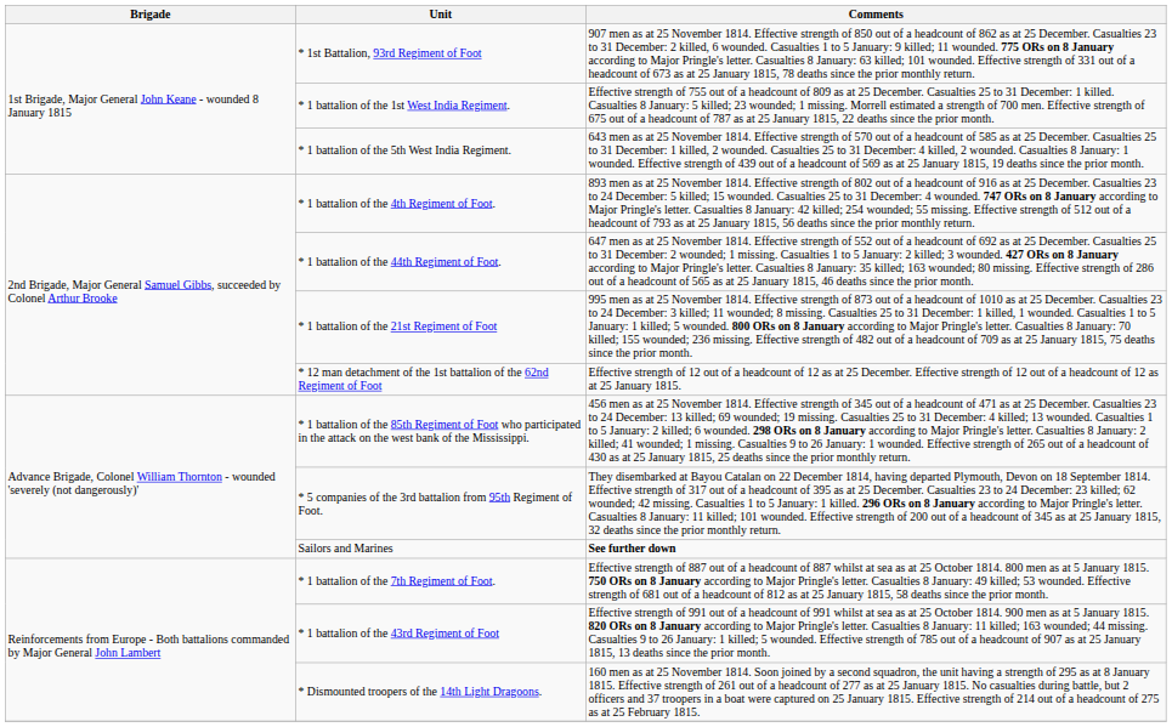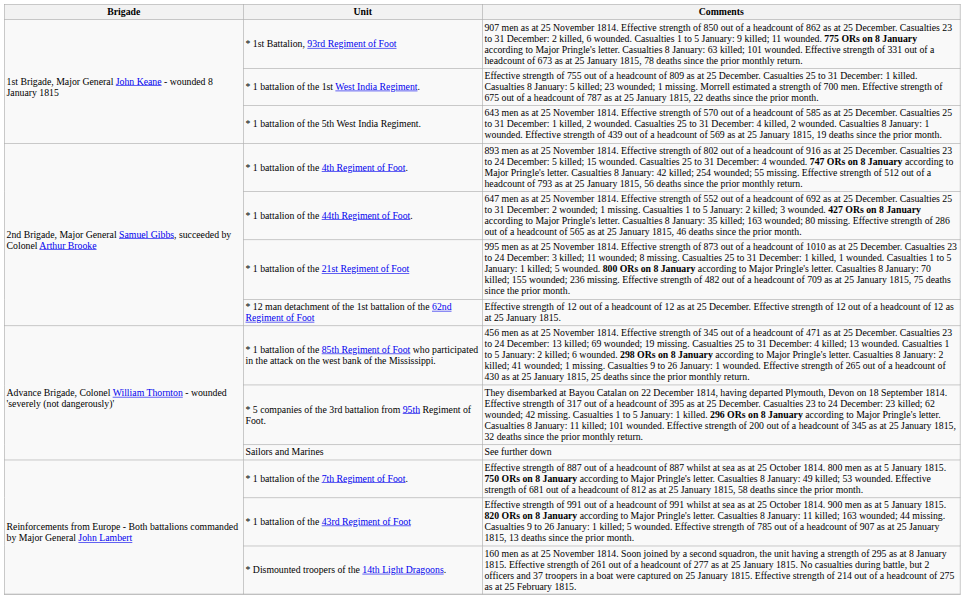 <table class="wikitable">
 <tr>
 <th width=25%>Brigade</th>
 <th width=25%>Unit</th>
 <th>Comments</th>
 </tr>
 <tr>
 <td rowspan=3><br>1st Brigade, Major General <a href='#'>John Keane</a> - wounded 8 January 1815</td>
 <td>* 1st Battalion, <a href='#'>93rd Regiment of Foot</a></td>
 <td>907 men as at 25 November 1814.  Effective strength of 850 out of a headcount of 862 as at 25 December. Casualties 23 to 31 December: 2 killed, 6 wounded. Casualties 1 to 5 January: 9 killed; 11 wounded. <strong>775 ORs on 8 January</strong> according to Major Pringle's letter. Casualties 8 January: 63 killed; 101 wounded. Effective strength of 331 out of a headcount of 673 as at 25 January 1815, 78 deaths since the prior monthly return.</td>
 </tr>
 <tr>
 <td>* 1 battalion of the 1st <a href='#'>West India Regiment</a>.</td>
 <td>Effective strength of 755 out of a headcount of 809 as at 25 December. Casualties 25 to 31 December: 1 killed. Casualties 8 January: 5 killed; 23 wounded; 1 missing. Morrell estimated a strength of 700 men.  Effective strength of 675 out of a headcount of 787 as at 25 January 1815, 22 deaths since the prior month.</td>
 </tr>
 <tr>
 <td>* 1 battalion of the 5th West India Regiment.</td>
 <td>643 men as at 25 November 1814. Effective strength of 570 out of a headcount of 585 as at 25 December. Casualties 25 to 31 December: 1 killed, 2 wounded. Casualties 25 to 31 December: 4 killed, 2 wounded. Casualties 8 January: 1 wounded. Effective strength of 439 out of a headcount of 569 as at 25 January 1815, 19 deaths since the prior month.</td>
 </tr>
 <tr>
 <td rowspan=4><br>2nd Brigade, Major General <a href='#'>Samuel Gibbs</a>, succeeded by Colonel <a href='#'>Arthur Brooke</a></td>
 <td>* 1 battalion of the <a href='#'>4th Regiment of Foot</a>.</td>
 <td>893 men as at 25 November 1814.  Effective strength of 802 out of a headcount of 916 as at 25 December. Casualties 23 to 24 December: 5 killed; 15 wounded. Casualties 25 to 31 December: 4 wounded. <strong>747 ORs on 8 January</strong> according to Major Pringle's letter. Casualties 8 January: 42 killed; 254 wounded; 55 missing. Effective strength of 512 out of a headcount of 793 as at 25 January 1815, 56 deaths since the prior monthly return.</td>
 </tr>
 <tr>
 <td>* 1 battalion of the <a href='#'>44th Regiment of Foot</a>.</td>
 <td>647 men as at 25 November 1814. Effective strength of 552 out of a headcount of 692 as at 25 December. Casualties 25 to 31 December: 2 wounded; 1 missing. Casualties 1 to 5 January: 2 killed; 3  wounded. <strong>427 ORs on 8 January</strong> according to Major Pringle's letter. Casualties 8 January: 35 killed; 163 wounded; 80 missing. Effective strength of 286 out of a headcount of 565 as at 25 January 1815, 46 deaths since the prior month.</td>
 </tr>
 <tr>
 <td>* 1 battalion of the <a href='#'>21st Regiment of Foot</a></td>
 <td>995 men as at 25 November 1814.  Effective strength of 873 out of a headcount of 1010 as at 25 December. Casualties 23 to 24 December: 3 killed; 11 wounded; 8 missing. Casualties 25 to 31 December: 1 killed, 1 wounded. Casualties 1 to 5 January: 1 killed; 5 wounded. <strong>800 ORs on 8 January</strong> according to Major Pringle's letter. Casualties 8 January: 70 killed; 155 wounded; 236 missing. Effective strength of 482 out of a headcount of 709 as at 25 January 1815, 75 deaths since the prior month.</td>
 </tr>
 <tr>
 <td>* 12 man detachment of the 1st battalion of the <a href='#'>62nd Regiment of Foot</a></td>
 <td>Effective strength of 12 out of a headcount of 12 as at 25 December. Effective strength of 12 out of a headcount of 12 as at 25 January 1815.</td>
 </tr>
 <tr>
 <td rowspan=3><br>Advance Brigade, Colonel <a href='#'>William Thornton</a> - wounded 'severely (not dangerously)'</td>
 <td>* 1 battalion of the <a href='#'>85th Regiment of Foot</a> who participated in the attack on the west bank of the Mississippi.</td>
 <td>456 men as at 25 November 1814.  Effective strength of 345 out of a headcount of 471 as at 25 December. Casualties 23 to 24 December: 13 killed; 69 wounded; 19 missing. Casualties 25 to 31 December: 4 killed; 13 wounded. Casualties 1 to 5 January: 2 killed; 6 wounded. <strong>298 ORs on 8 January</strong> according to Major Pringle's letter. Casualties 8 January: 2 killed; 41 wounded; 1 missing. Casualties 9 to 26 January: 1 wounded. Effective strength of 265 out of a headcount of 430 as at 25 January 1815, 25 deaths since the prior monthly return.</td>
 </tr>
 <tr>
 <td>* 5 companies of the 3rd battalion from <a href='#'>95th</a> Regiment of Foot.</td>
 <td>They disembarked at Bayou Catalan on 22 December 1814, having departed Plymouth, Devon on 18 September 1814. Effective strength of 317 out of a headcount of 395 as at 25 December. Casualties 23 to 24 December: 23 killed; 62 wounded; 42 missing. Casualties 1 to 5 January: 1 killed. <strong>296 ORs on 8 January</strong> according to Major Pringle's letter. Casualties 8 January: 11 killed; 101 wounded. Effective strength of 200 out of a headcount of 345 as at 25 January 1815, 32 deaths since the prior monthly return.</td>
 </tr>
 <tr>
 <td>Sailors and Marines</td>
-<td><strong>See further down</strong></td>
+<td>See further down</td>
 </tr>
 <tr>
 <td rowspan=3><br>Reinforcements from Europe  - Both battalions commanded by Major General <a href='#'>John Lambert</a></td>
 <td>* 1 battalion of the <a href='#'>7th Regiment of Foot</a>.</td>
 <td>Effective strength of 887 out of a headcount of 887 whilst at sea as at 25 October 1814. 800 men as at 5 January 1815. <strong>750 ORs on 8 January</strong> according to Major Pringle's letter. Casualties 8 January: 49 killed; 53 wounded. Effective strength of 681 out of a headcount of 812 as at 25 January 1815, 58 deaths since the prior month.</td>
 </tr>
 <tr>
 <td>* 1 battalion of the <a href='#'>43rd Regiment of Foot</a></td>
 <td>Effective strength of 991 out of a headcount of 991 whilst at sea as at 25 October 1814. 900 men as at 5 January 1815. <strong>820 ORs on 8 January</strong> according to Major Pringle's letter. Casualties 8 January: 11 killed; 163 wounded; 44 missing. Casualties 9 to 26 January: 1 killed; 5 wounded. Effective strength of 785 out of a headcount of 907 as at 25 January 1815, 13 deaths since the prior month.</td>
 </tr>
 <tr>
 <td>* Dismounted troopers of the <a href='#'>14th Light Dragoons</a>.</td>
 <td>160 men as at 25 November 1814.  Soon joined by a second squadron, the unit having a strength of 295 as at 8 January 1815. Effective strength of 261 out of a headcount of 277 as at 25 January 1815. No casualties during battle, but 2 officers and 37 troopers in a boat were captured on 25 January 1815. Effective strength of 214 out of a headcount of 275 as at 25 February 1815.</td>
 </tr>
 <tr>
 </tr>
 </table>
